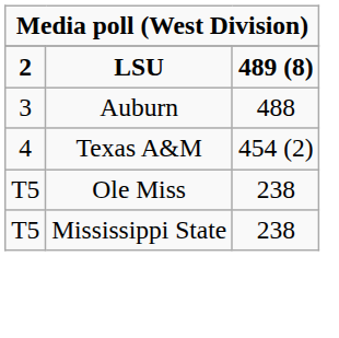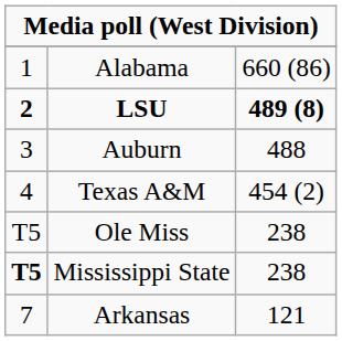 <table class="wikitable" style="display: inline-table;">
 <tr>
 <td align="center" Colspan="3"><strong>Media poll (West Division)</strong></td>
 </tr>
 <tr align="center">
+</tr>
+<tr align="center">
+<td>1</td>
+<td>Alabama</td>
+<td>660 (86)</td>
 </tr>
 <tr align="center">
 <td><strong>2</strong></td>
 <td><strong>LSU</strong></td>
 <td><strong>489 (8)</strong></td>
 </tr>
 <tr align="center">
 <td>3</td>
 <td>Auburn</td>
 <td>488</td>
 </tr>
 <tr align="center">
 <td>4</td>
 <td>Texas A&M</td>
 <td>454 (2)</td>
 </tr>
 <tr align="center">
 <td>T5</td>
 <td>Ole Miss</td>
 <td>238</td>
 </tr>
 <tr align="center">
-<td>T5</td>
+<td><strong>T5</strong></td>
 <td>Mississippi State</td>
 <td>238</td>
 </tr>
+<tr align="center">
+<td>7</td>
+<td>Arkansas</td>
+<td>121</td>
+</tr>
 </table>
